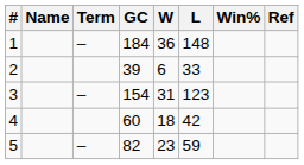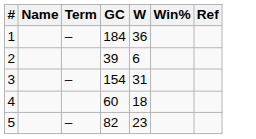 <table class="wikitable sortable">
 <tr>
 <th>#</th>
 <th>Name</th>
 <th>Term</th>
 <th>GC</th>
 <th>W</th>
-<th>L</th>
 <th>Win%</th>
 <th class=unsortable>Ref</th>
 </tr>
 <tr>
 <td style="text-align:center;">1</td>
 <td></td>
 <td>–</td>
 <td>184</td>
 <td>36</td>
-<td>148</td>
 <td></td>
 <td style="text-align:center;"></td>
 </tr>
 <tr>
 <td style="text-align:center;">2</td>
 <td></td>
 <td></td>
 <td>39</td>
 <td>6</td>
-<td>33</td>
 <td></td>
 <td style="text-align:center;"></td>
 </tr>
 <tr>
 <td style="text-align:center;">3</td>
 <td></td>
 <td>–</td>
 <td>154</td>
 <td>31</td>
-<td>123</td>
 <td></td>
 <td style="text-align:center;"></td>
 </tr>
 <tr>
 <td style="text-align:center;">4</td>
 <td></td>
 <td></td>
 <td>60</td>
 <td>18</td>
-<td>42</td>
 <td></td>
 <td style="text-align:center;"></td>
 </tr>
 <tr>
 <td style="text-align:center;">5</td>
 <td></td>
 <td>–</td>
 <td>82</td>
 <td>23</td>
-<td>59</td>
 <td></td>
 <td style="text-align:center;"></td>
 </tr>
 </table>
